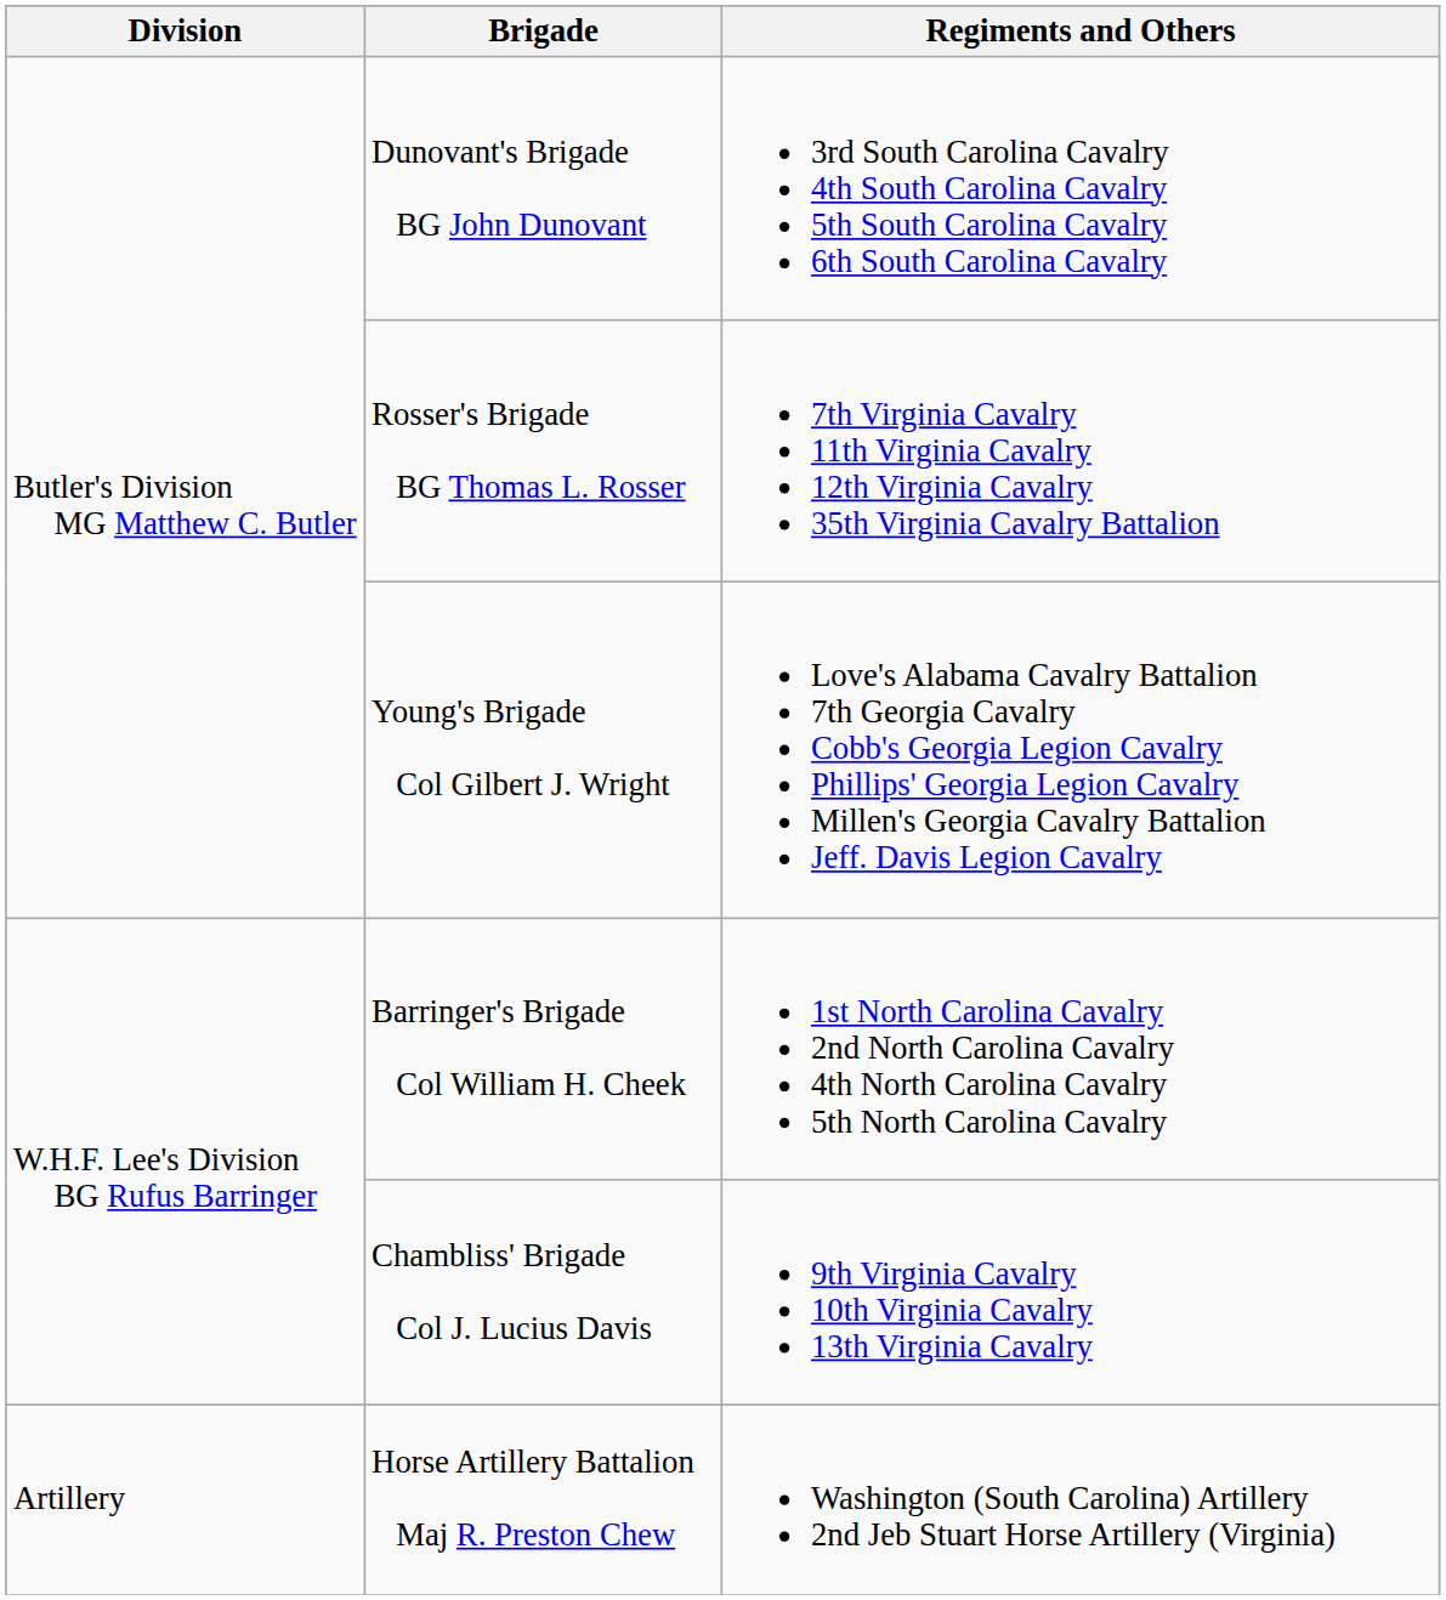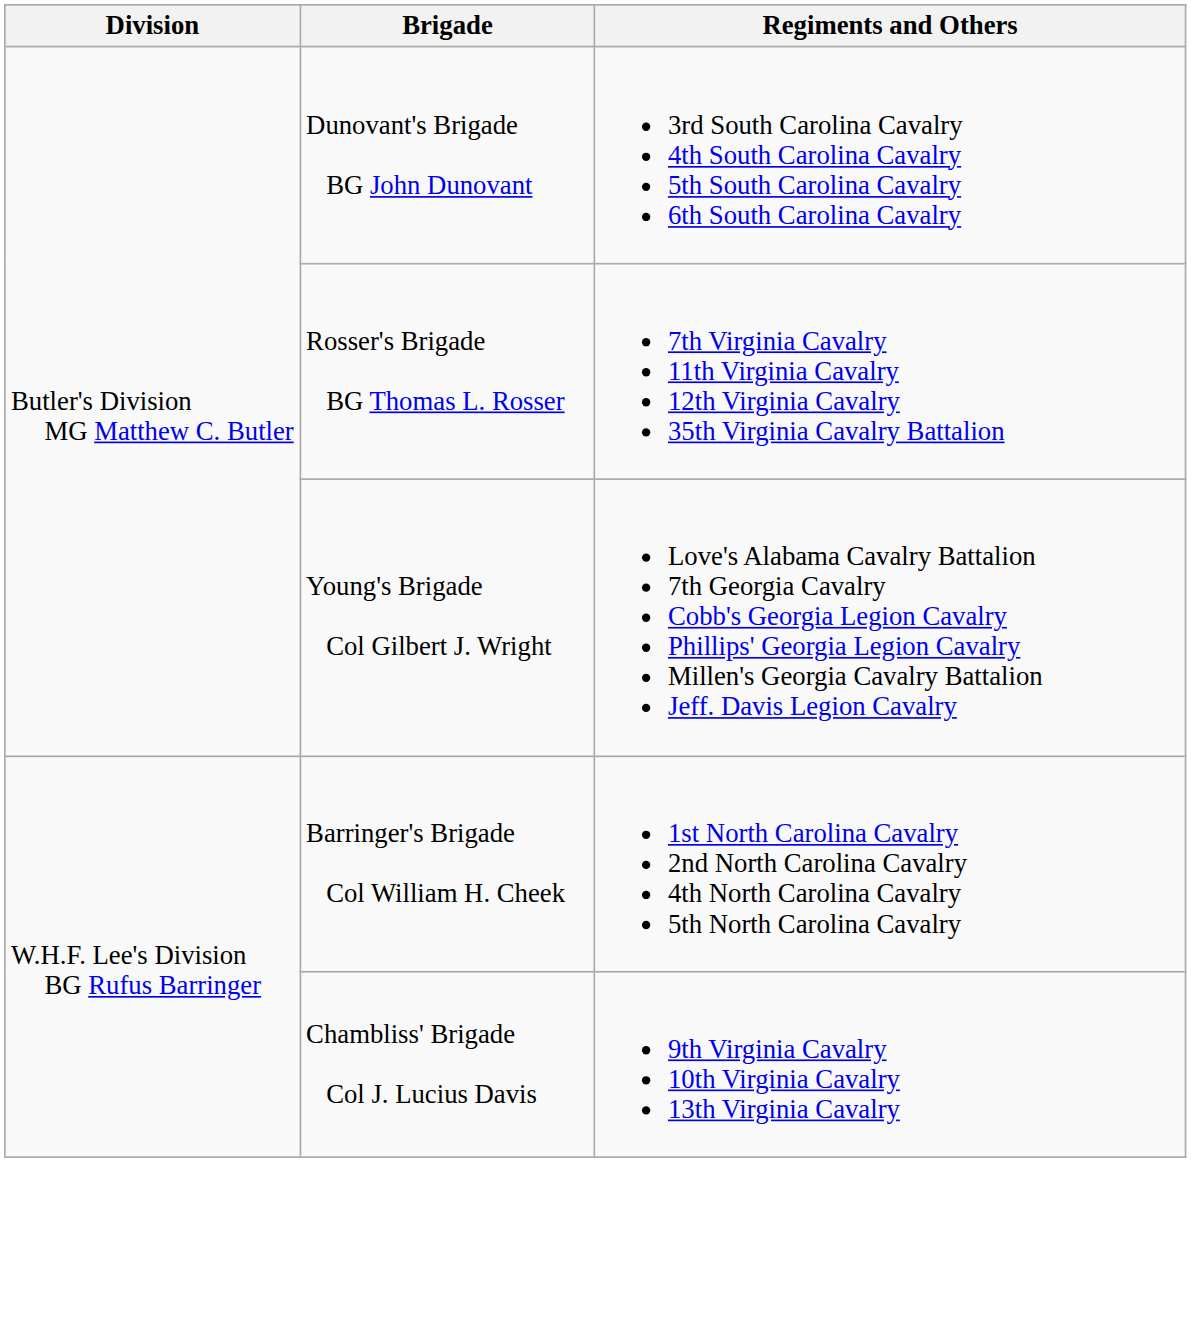 <table class="wikitable">
 <tr>
 <th style="width:25%;">Division</th>
 <th style="width:25%;">Brigade</th>
 <th>Regiments and Others</th>
 </tr>
 <tr>
 <td rowspan=3><br>Butler's Division <br>     MG <a href='#'>Matthew C. Butler</a></td>
 <td>Dunovant's Brigade<br><br>   BG <a href='#'>John Dunovant</a></td>
 <td><br><ul><li>3rd South Carolina Cavalry</li><li><a href='#'>4th South Carolina Cavalry</a></li><li><a href='#'>5th South Carolina Cavalry</a></li><li><a href='#'>6th South Carolina Cavalry</a></li></ul></td>
 </tr>
 <tr>
 <td>Rosser's Brigade<br><br>   BG <a href='#'>Thomas L. Rosser</a></td>
 <td><br><ul><li><a href='#'>7th Virginia Cavalry</a></li><li><a href='#'>11th Virginia Cavalry</a></li><li><a href='#'>12th Virginia Cavalry</a></li><li><a href='#'>35th Virginia Cavalry Battalion</a></li></ul></td>
 </tr>
 <tr>
 <td>Young's Brigade<br><br>   Col Gilbert J. Wright</td>
 <td><br><ul><li>Love's Alabama Cavalry Battalion</li><li>7th Georgia Cavalry</li><li><a href='#'>Cobb's Georgia Legion Cavalry</a></li><li><a href='#'>Phillips' Georgia Legion Cavalry</a></li><li>Millen's Georgia Cavalry Battalion</li><li><a href='#'>Jeff. Davis Legion Cavalry</a></li></ul></td>
 </tr>
 <tr>
 <td rowspan=2><br>W.H.F. Lee's Division <br>     BG <a href='#'>Rufus Barringer</a></td>
 <td>Barringer's Brigade<br><br>   Col William H. Cheek</td>
 <td><br><ul><li><a href='#'>1st North Carolina Cavalry</a></li><li>2nd North Carolina Cavalry</li><li>4th North Carolina Cavalry</li><li>5th North Carolina Cavalry</li></ul></td>
 </tr>
 <tr>
 <td>Chambliss' Brigade<br><br>   Col J. Lucius Davis</td>
 <td><br><ul><li><a href='#'>9th Virginia Cavalry</a></li><li><a href='#'>10th Virginia Cavalry</a></li><li><a href='#'>13th Virginia Cavalry</a></li></ul></td>
 </tr>
-<tr>
-<td>Artillery</td>
-<td>Horse Artillery Battalion<br><br>   Maj <a href='#'>R. Preston Chew</a></td>
-<td><br><ul><li>Washington (South Carolina) Artillery</li><li>2nd Jeb Stuart Horse Artillery (Virginia)</li></ul></td>
-</tr>
 </table>
